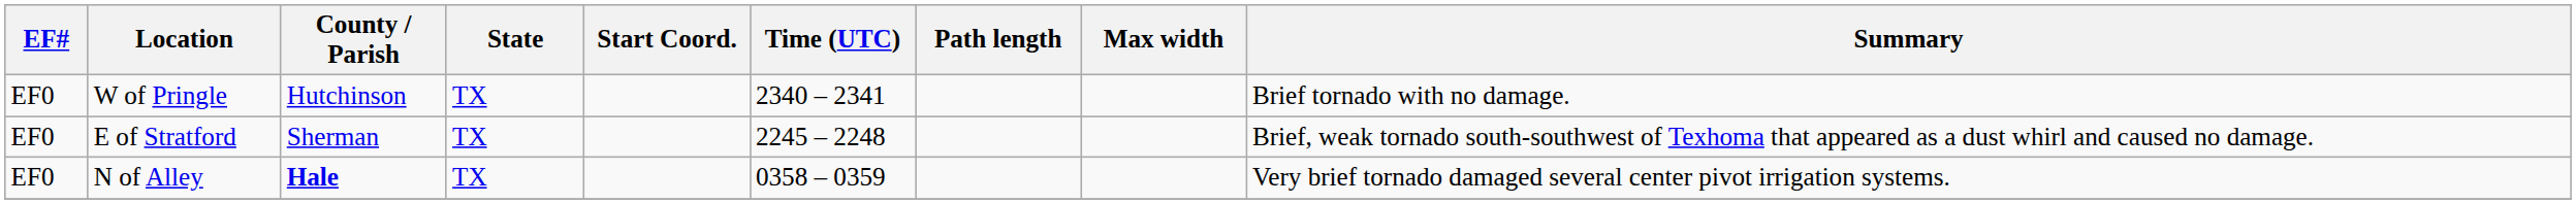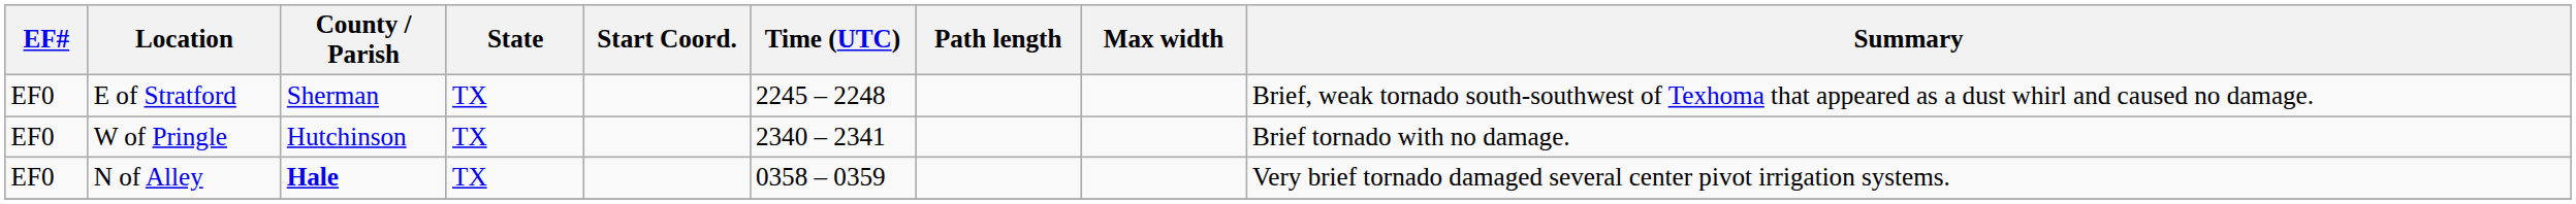 <table class="wikitable sortable" style="width:100%;">
 <tr>
 <th scope="col" width="3%" align="center"><a href='#'>EF#</a></th>
 <th scope="col" width="7%" align="center" class="unsortable">Location</th>
 <th scope="col" width="6%" align="center" class="unsortable">County / Parish</th>
 <th scope="col" width="5%" align="center">State</th>
 <th scope="col" width="6%" align="center">Start Coord.</th>
 <th scope="col" width="6%" align="center">Time (<a href='#'>UTC</a>)</th>
 <th scope="col" width="6%" align="center">Path length</th>
 <th scope="col" width="6%" align="center">Max width</th>
 <th scope="col" width="48%" class="unsortable" align="center">Summary</th>
 </tr>
 <tr>
 <td>EF0</td>
+<td>E of <a href='#'>Stratford</a></td>
+<td><a href='#'>Sherman</a></td>
+<td><a href='#'>TX</a></td>
+<td></td>
+<td>2245 – 2248</td>
+<td></td>
+<td></td>
+<td>Brief, weak tornado south-southwest of <a href='#'>Texhoma</a> that appeared as a dust whirl and caused no damage.</td>
+</tr>
+<tr>
+<td>EF0</td>
 <td>W of <a href='#'>Pringle</a></td>
 <td><a href='#'>Hutchinson</a></td>
 <td><a href='#'>TX</a></td>
 <td></td>
 <td>2340 – 2341</td>
 <td></td>
 <td></td>
 <td>Brief tornado with no damage.</td>
-</tr>
-<tr>
-<td>EF0</td>
-<td>E of <a href='#'>Stratford</a></td>
-<td><a href='#'>Sherman</a></td>
-<td><a href='#'>TX</a></td>
-<td></td>
-<td>2245 – 2248</td>
-<td></td>
-<td></td>
-<td>Brief, weak tornado south-southwest of <a href='#'>Texhoma</a> that appeared as a dust whirl and caused no damage.</td>
 </tr>
 <tr>
 <td>EF0</td>
 <td>N of <a href='#'>Alley</a></td>
 <td><strong><a href='#'>Hale</a></strong></td>
 <td><a href='#'>TX</a></td>
 <td></td>
 <td>0358 – 0359</td>
 <td></td>
 <td></td>
 <td>Very brief tornado damaged several center pivot irrigation systems.</td>
 </tr>
 <tr>
 </tr>
 </table>
